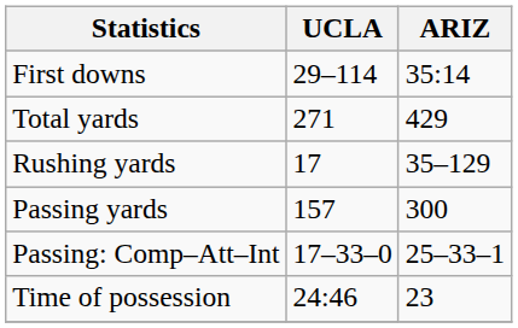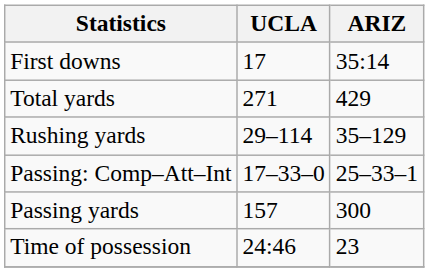 <table class="wikitable" style="float: left;">
 <tr>
 <th>Statistics</th>
 <th>UCLA</th>
 <th>ARIZ</th>
 </tr>
 <tr>
 <td>First downs</td>
-<td>29–114</td>
+<td>17</td>
 <td>35:14</td>
 </tr>
 <tr>
 <td>Total yards</td>
 <td>271</td>
 <td>429</td>
 </tr>
 <tr>
 <td>Rushing yards</td>
-<td>17</td>
+<td>29–114</td>
 <td>35–129</td>
+</tr>
+<tr>
+<td>Passing: Comp–Att–Int</td>
+<td>17–33–0</td>
+<td>25–33–1</td>
 </tr>
 <tr>
 <td>Passing yards</td>
 <td>157</td>
 <td>300</td>
-</tr>
-<tr>
-<td>Passing: Comp–Att–Int</td>
-<td>17–33–0</td>
-<td>25–33–1</td>
 </tr>
 <tr>
 <td>Time of possession</td>
 <td>24:46</td>
 <td>23</td>
 </tr>
 <tr>
 </tr>
 </table>
